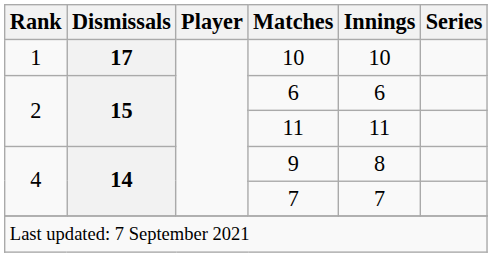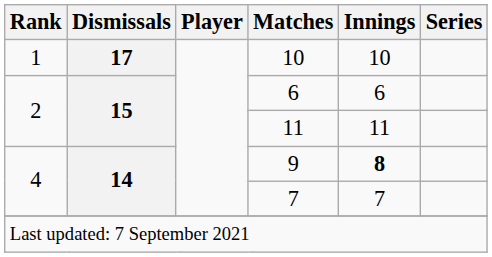 <table class="wikitable plainrowheaders sortable">
 <tr>
 <th scope=col>Rank</th>
 <th scope=col>Dismissals</th>
 <th scope=col>Player</th>
 <th scope=col>Matches</th>
 <th scope=col>Innings</th>
 <th scope=col>Series</th>
 </tr>
 <tr>
 <td align=center>1</td>
 <th scope=row style=text-align:center;>17</th>
 <td rowspan=5></td>
 <td align=center>10</td>
 <td align=center>10</td>
 <td></td>
 </tr>
 <tr>
 <td align=center rowspan=2>2</td>
 <th scope=row style=text-align:center; rowspan=2>15</th>
 <td align=center>6</td>
 <td align=center>6</td>
 <td></td>
 </tr>
 <tr>
 <td align=center>11</td>
 <td align=center>11</td>
 <td></td>
 </tr>
 <tr>
 <td align=center rowspan=2>4</td>
 <th scope=row style=text-align:center; rowspan=2>14</th>
 <td align=center>9</td>
-<td align=center>8</td>
+<td align=center><strong>8</strong></td>
 <td></td>
 </tr>
 <tr>
 <td align=center>7</td>
 <td align=center>7</td>
 <td></td>
 </tr>
 <tr>
 </tr>
 <tr class=sortbottom>
 <td colspan=6><small>Last updated: 7 September 2021</small></td>
 </tr>
 </table>
